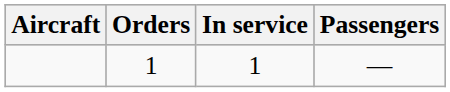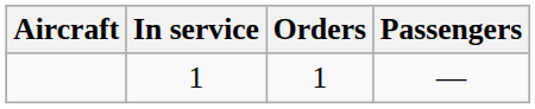 <table class="wikitable" style="border-collapse:collapse;text-align:center;margin:auto;">
 <tr>
 <th>Aircraft</th>
+<th>In service</th>
 <th>Orders</th>
-<th>In service</th>
 <th>Passengers</th>
 </tr>
 <tr>
 <td></td>
 <td>1</td>
 <td>1</td>
 <td>—</td>
 </tr>
 </table>
